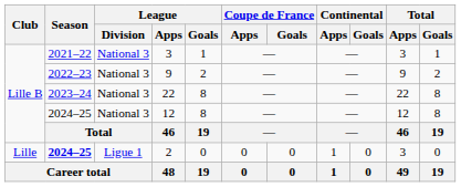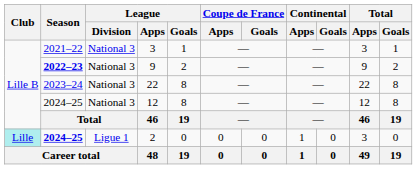 <table class="wikitable" style="text-align: center">
 <tr>
 <th rowspan="2">Club</th>
 <th rowspan="2">Season</th>
 <th colspan="3">League</th>
 <th colspan="2"><a href='#'>Coupe de France</a></th>
 <th colspan="2">Continental</th>
 <th colspan="2">Total</th>
 </tr>
 <tr>
 <th>Division</th>
 <th>Apps</th>
 <th>Goals</th>
 <th>Apps</th>
 <th>Goals</th>
 <th>Apps</th>
 <th>Goals</th>
 <th>Apps</th>
 <th>Goals</th>
 </tr>
 <tr>
 <td rowspan="5"><a href='#'>Lille B</a></td>
 <td><a href='#'>2021–22</a></td>
 <td><a href='#'>National 3</a></td>
 <td>3</td>
 <td>1</td>
 <td colspan="2">—</td>
 <td colspan="2">—</td>
 <td>3</td>
 <td>1</td>
 </tr>
 <tr>
-<td><a href='#'>2022–23</a></td>
+<td><strong><a href='#'>2022–23</a></strong></td>
 <td>National 3</td>
 <td>9</td>
 <td>2</td>
 <td colspan="2">—</td>
 <td colspan="2">—</td>
 <td>9</td>
 <td>2</td>
 </tr>
 <tr>
 <td><a href='#'>2023–24</a></td>
 <td>National 3</td>
 <td>22</td>
 <td>8</td>
 <td colspan="2">—</td>
 <td colspan="2">—</td>
 <td>22</td>
 <td>8</td>
 </tr>
 <tr>
 <td>2024–25</td>
 <td>National 3</td>
 <td>12</td>
 <td>8</td>
 <td colspan="2">—</td>
 <td colspan="2">—</td>
 <td>12</td>
 <td>8</td>
 </tr>
 <tr>
 <th colspan="2">Total</th>
 <th>46</th>
 <th>19</th>
 <th colspan="2">—</th>
 <th colspan="2">—</th>
 <th>46</th>
 <th>19</th>
 </tr>
 <tr>
-<td><a href='#'>Lille</a></td>
+<td style="background: paleturquoise;"><a href='#'>Lille</a></td>
 <td><strong><a href='#'>2024–25</a></strong></td>
 <td><a href='#'>Ligue 1</a></td>
 <td>2</td>
 <td>0</td>
 <td>0</td>
 <td>0</td>
 <td>1</td>
 <td>0</td>
 <td>3</td>
 <td>0</td>
 </tr>
 <tr>
 <th colspan="3">Career total</th>
 <th>48</th>
 <th>19</th>
 <th>0</th>
 <th>0</th>
 <th>1</th>
 <th>0</th>
 <th>49</th>
 <th>19</th>
 </tr>
 </table>
